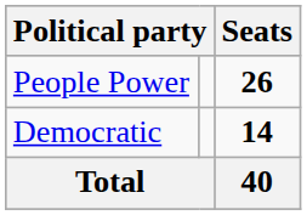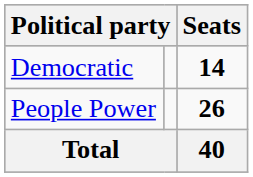 <table class="wikitable">
 <tr>
 <th colspan="2">Political party</th>
 <th>Seats</th>
+</tr>
+<tr>
+<td><a href='#'>Democratic</a></td>
+<td style="background:"></td>
+<td style="text-align: center;"><strong>14</strong></td>
 </tr>
 <tr>
 <td><a href='#'>People Power</a></td>
 <td style="background:"></td>
 <td style="text-align: center;"><strong>26</strong></td>
 </tr>
 <tr>
-<td><a href='#'>Democratic</a></td>
-<td style="background:"></td>
-<td style="text-align: center;"><strong>14</strong></td>
-</tr>
-<tr>
 <th colspan="2">Total</th>
 <th>40</th>
 </tr>
 </table>
